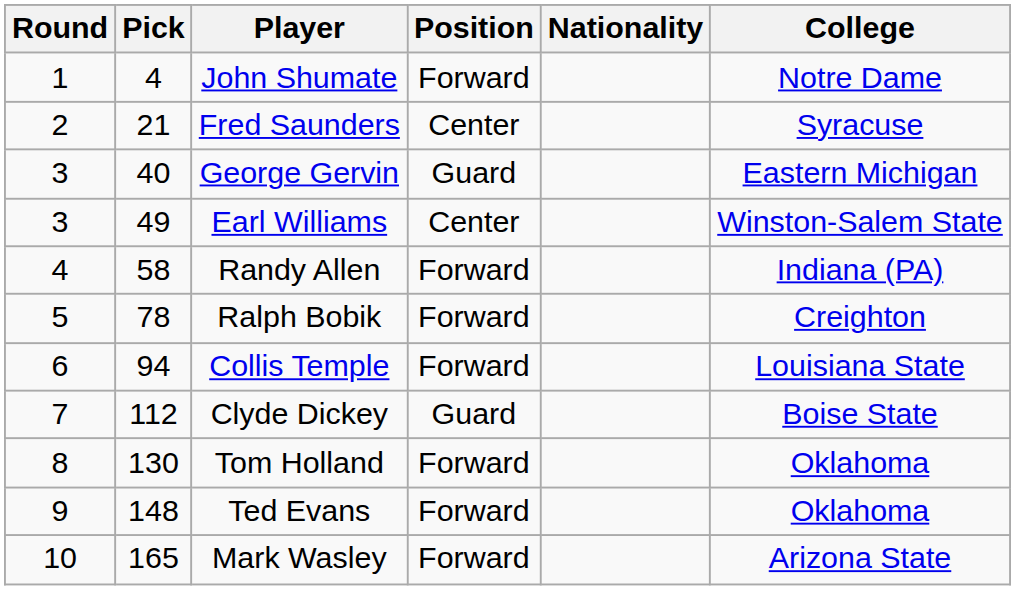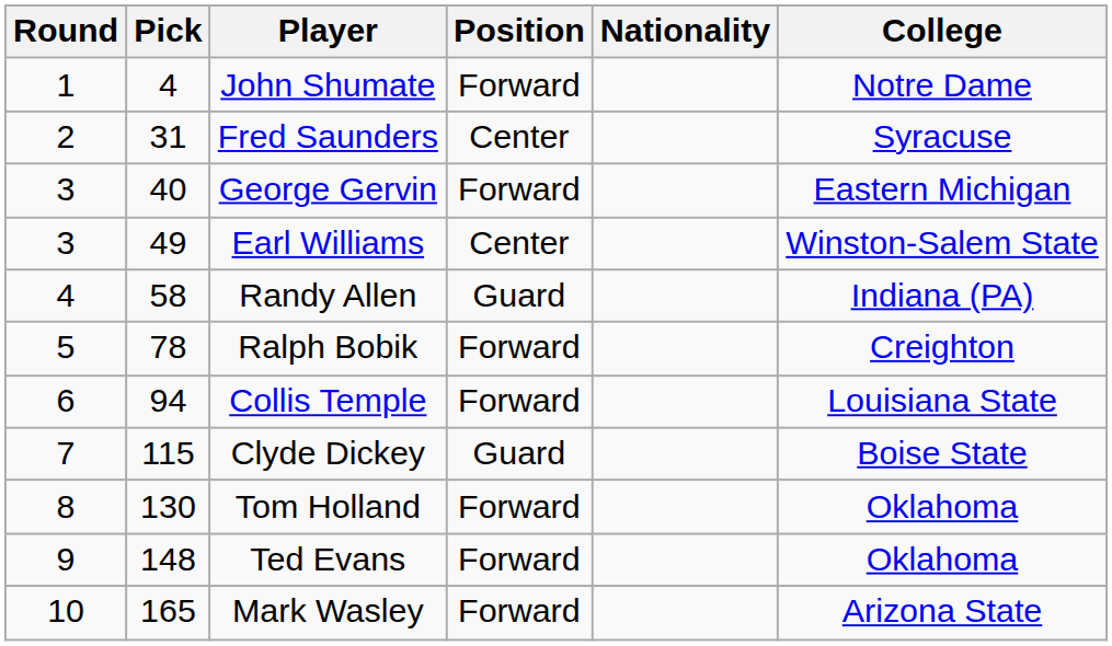 <table class="wikitable sortable sortable">
 <tr>
 <th>Round</th>
 <th>Pick</th>
 <th>Player</th>
 <th>Position</th>
 <th>Nationality</th>
 <th>College</th>
 </tr>
 <tr style="text-align: center">
 <td>1</td>
 <td>4</td>
 <td><a href='#'>John Shumate</a></td>
 <td>Forward</td>
 <td></td>
 <td><a href='#'>Notre Dame</a></td>
 </tr>
 <tr style="text-align: center">
 <td>2</td>
-<td>21</td>
+<td>31</td>
 <td><a href='#'>Fred Saunders</a></td>
 <td>Center</td>
 <td></td>
 <td><a href='#'>Syracuse</a></td>
 </tr>
 <tr style="text-align: center">
 <td>3</td>
 <td>40</td>
 <td><a href='#'>George Gervin</a></td>
-<td>Guard</td>
+<td>Forward</td>
 <td></td>
 <td><a href='#'>Eastern Michigan</a></td>
 </tr>
 <tr style="text-align: center">
 <td>3</td>
 <td>49</td>
 <td><a href='#'>Earl Williams</a></td>
 <td>Center</td>
 <td></td>
 <td><a href='#'>Winston-Salem State</a></td>
 </tr>
 <tr style="text-align: center">
 <td>4</td>
 <td>58</td>
 <td>Randy Allen</td>
-<td>Forward</td>
+<td>Guard</td>
 <td></td>
 <td><a href='#'>Indiana (PA)</a></td>
 </tr>
 <tr style="text-align: center">
 <td>5</td>
 <td>78</td>
 <td>Ralph Bobik</td>
 <td>Forward</td>
 <td></td>
 <td><a href='#'>Creighton</a></td>
 </tr>
 <tr style="text-align: center">
 <td>6</td>
 <td>94</td>
 <td><a href='#'>Collis Temple</a></td>
 <td>Forward</td>
 <td></td>
 <td><a href='#'>Louisiana State</a></td>
 </tr>
 <tr style="text-align: center">
 <td>7</td>
-<td>112</td>
+<td>115</td>
 <td>Clyde Dickey</td>
 <td>Guard</td>
 <td></td>
 <td><a href='#'>Boise State</a></td>
 </tr>
 <tr style="text-align: center">
 <td>8</td>
 <td>130</td>
 <td>Tom Holland</td>
 <td>Forward</td>
 <td></td>
 <td><a href='#'>Oklahoma</a></td>
 </tr>
 <tr style="text-align: center">
 <td>9</td>
 <td>148</td>
 <td>Ted Evans</td>
 <td>Forward</td>
 <td></td>
 <td><a href='#'>Oklahoma</a></td>
 </tr>
 <tr style="text-align: center">
 <td>10</td>
 <td>165</td>
 <td>Mark Wasley</td>
 <td>Forward</td>
 <td></td>
 <td><a href='#'>Arizona State</a></td>
 </tr>
 </table>
